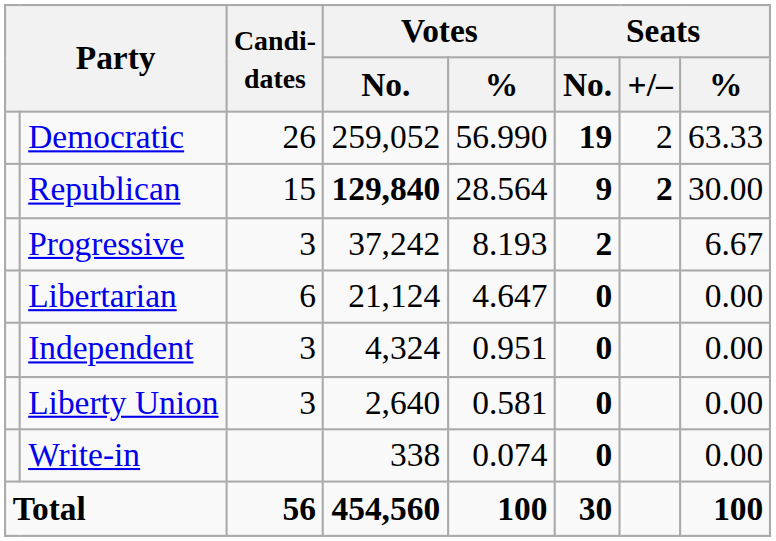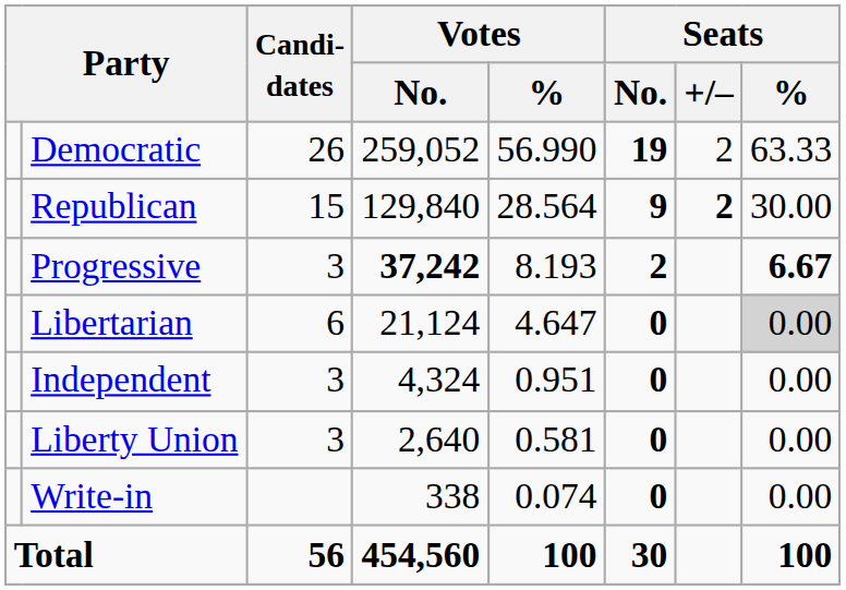 <table class="wikitable" style="font-size:100%; text-align:right;">
 <tr>
 <th colspan=2 rowspan=2>Party</th>
 <th rowspan=2><small>Candi-<br>dates</small></th>
 <th colspan=2>Votes</th>
 <th colspan=3>Seats</th>
 </tr>
 <tr>
 <th>No.</th>
 <th>%</th>
 <th>No.</th>
 <th>+/–</th>
 <th>%</th>
 </tr>
 <tr>
 <td style="background:"></td>
 <td align=left><a href='#'>Democratic</a></td>
 <td>26</td>
 <td>259,052</td>
 <td>56.990</td>
 <td><strong>19</strong></td>
 <td>2</td>
 <td>63.33</td>
 </tr>
 <tr>
 <td style="background:"></td>
 <td align=left><a href='#'>Republican</a></td>
 <td>15</td>
-<td><strong>129,840</strong></td>
+<td>129,840</td>
 <td>28.564</td>
 <td><strong>9</strong></td>
 <td><strong>2</strong></td>
 <td>30.00</td>
 </tr>
 <tr>
 <td style="background:"></td>
 <td align=left><a href='#'>Progressive</a></td>
 <td>3</td>
-<td>37,242</td>
+<td><strong>37,242</strong></td>
 <td>8.193</td>
 <td><strong>2</strong></td>
 <td></td>
-<td>6.67</td>
+<td><strong>6.67</strong></td>
 </tr>
 <tr>
 <td style="background:"></td>
 <td align=left><a href='#'>Libertarian</a></td>
 <td>6</td>
 <td>21,124</td>
 <td>4.647</td>
 <td><strong>0</strong></td>
 <td></td>
-<td>0.00</td>
+<td style="background: lightgrey;">0.00</td>
 </tr>
 <tr>
 <td style="background:"></td>
 <td align=left><a href='#'>Independent</a></td>
 <td>3</td>
 <td>4,324</td>
 <td>0.951</td>
 <td><strong>0</strong></td>
 <td></td>
 <td>0.00</td>
 </tr>
 <tr>
 <td style="background:"></td>
 <td align=left><a href='#'>Liberty Union</a></td>
 <td>3</td>
 <td>2,640</td>
 <td>0.581</td>
 <td><strong>0</strong></td>
 <td></td>
 <td>0.00</td>
 </tr>
 <tr>
 <td style="background:"></td>
 <td align=left><a href='#'>Write-in</a></td>
 <td></td>
 <td>338</td>
 <td>0.074</td>
 <td><strong>0</strong></td>
 <td></td>
 <td>0.00</td>
 </tr>
 <tr style="font-weight:bold">
 <td colspan=2 align=left>Total</td>
 <td>56</td>
 <td>454,560</td>
 <td>100</td>
 <td>30</td>
 <td></td>
 <td>100</td>
 </tr>
 </table>
